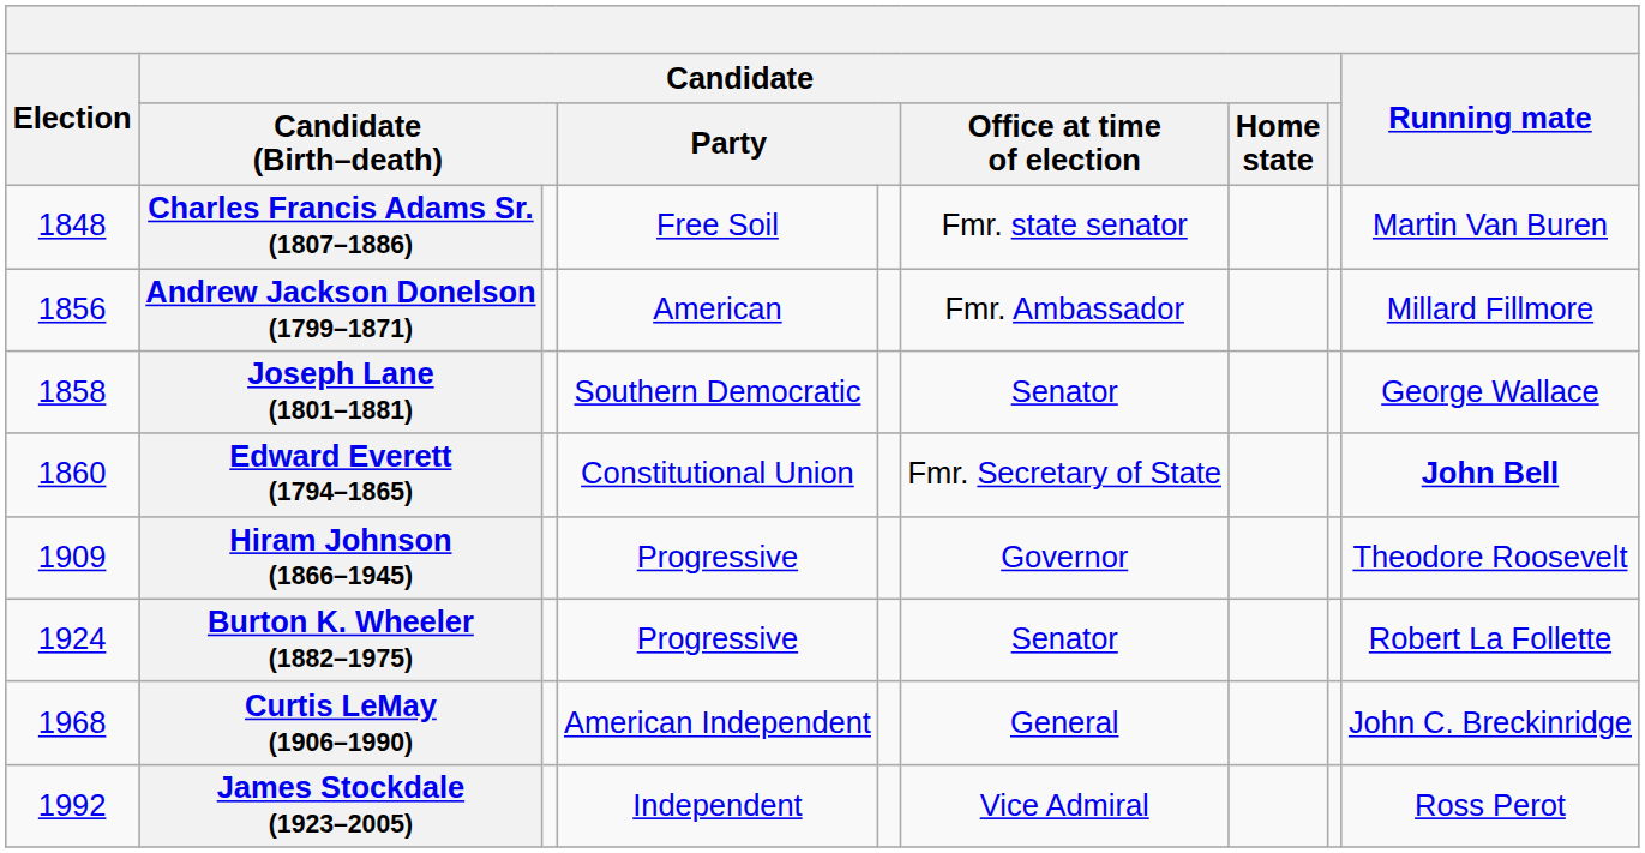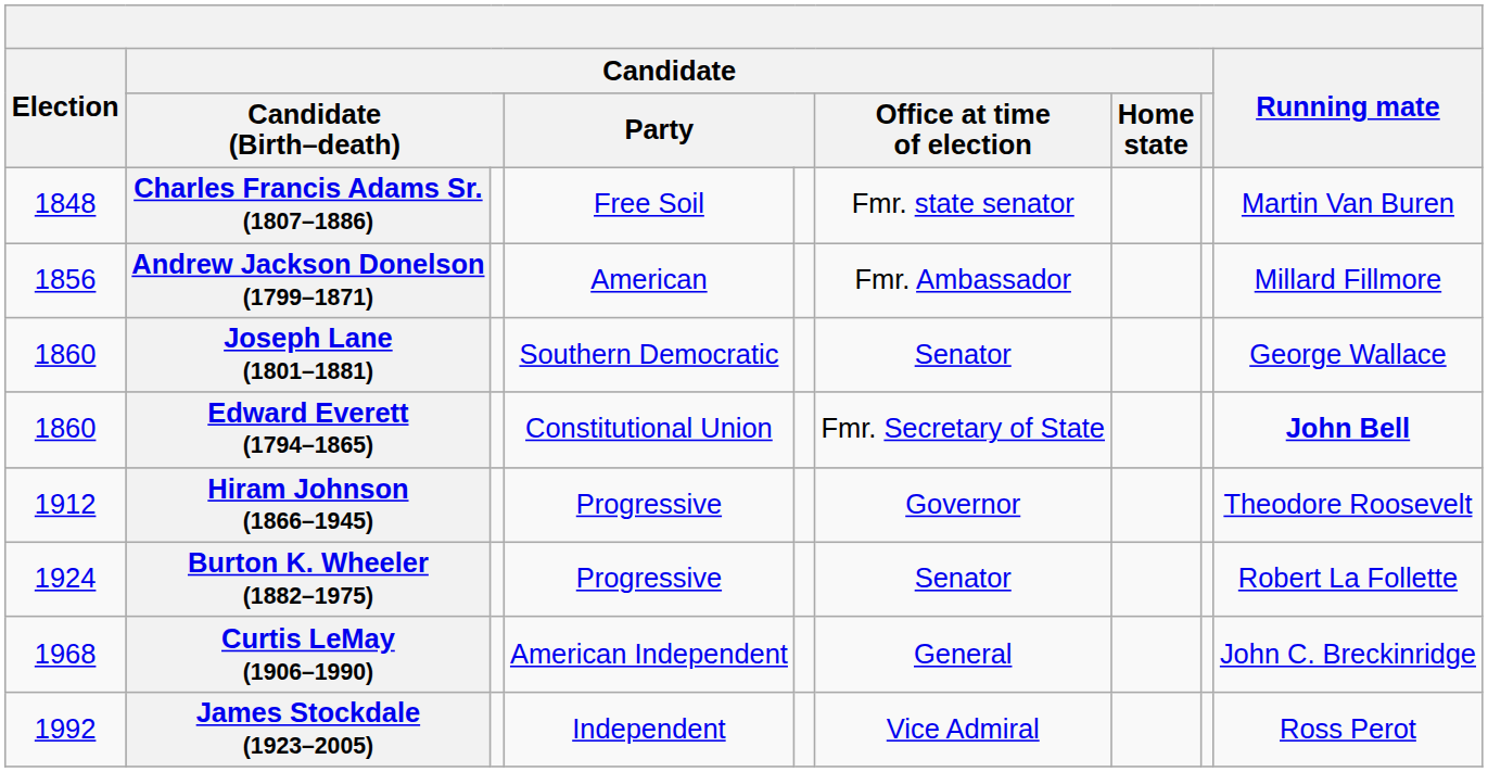 <table class="wikitable sortable" style="text-align:center;">
 <tr>
 <th colspan=10><br></th>
 </tr>
 <tr>
 <th rowspan=2>Election</th>
 <th colspan=7>Candidate</th>
 <th rowspan=2><a href='#'>Running mate</a></th>
 </tr>
 <tr>
 <th colspan=2>Candidate<br>(Birth–death)</th>
 <th colspan=2>Party</th>
 <th>Office at time<br>of election</th>
 <th>Home<br>state</th>
 <th data-sort-type="number"></th>
 </tr>
 <tr>
 <td><a href='#'>1848</a></td>
 <th><a href='#'>Charles Francis Adams Sr.</a><br><small>(1807–1886)</small></th>
 <td></td>
 <td><a href='#'>Free Soil</a></td>
 <td style="background-color:"> </td>
 <td data-sort-value="stateSenator">Fmr. <a href='#'>state senator</a></td>
 <td></td>
 <td></td>
 <td><a href='#'>Martin Van Buren</a></td>
 </tr>
 <tr>
 <td><a href='#'>1856</a></td>
 <th><a href='#'>Andrew Jackson Donelson</a><br><small>(1799–1871)</small></th>
 <td></td>
 <td data-sort-value= "fWhig"><a href='#'>American</a></td>
 <td style="background-color:"> </td>
 <td data-sort-value= "execzAmbassadorf">Fmr. <a href='#'>Ambassador</a></td>
 <td></td>
 <td></td>
 <td><a href='#'>Millard Fillmore</a></td>
 </tr>
 <tr>
-<td><a href='#'>1858</a></td>
+<td><a href='#'>1860</a></td>
 <th><a href='#'>Joseph Lane</a><br><small>(1801–1881)</small></th>
 <td></td>
 <td data-sort-value="sDem"><a href='#'>Southern Democratic</a></td>
 <td style="background-color:"> </td>
 <td data-sort-value= "legSenator"><a href='#'>Senator</a></td>
 <td></td>
 <td></td>
 <td><a href='#'>George Wallace</a></td>
 </tr>
 <tr>
 <td><a href='#'>1860</a></td>
 <th><a href='#'>Edward Everett</a><br><small>(1794–1865)</small></th>
 <td></td>
 <td data-sort-value= "fWhig"><a href='#'>Constitutional Union</a></td>
 <td style="background-color:"> </td>
 <td data-sort-value="execSec. of Statef">Fmr. <a href='#'>Secretary of State</a></td>
 <td></td>
 <td></td>
 <td><strong><a href='#'>John Bell</a></strong></td>
 </tr>
 <tr>
-<td><a href='#'>1909</a></td>
+<td><a href='#'>1912</a></td>
 <th><a href='#'>Hiram Johnson</a><br><small>(1866–1945)</small></th>
 <td></td>
 <td><a href='#'>Progressive</a></td>
 <td style="background-color:"> </td>
 <td data-sort-value= "stateGovernor"><a href='#'>Governor</a></td>
 <td></td>
 <td></td>
 <td><a href='#'>Theodore Roosevelt</a></td>
 </tr>
 <tr>
 <td><a href='#'>1924</a></td>
 <th><a href='#'>Burton K. Wheeler</a><br><small>(1882–1975)</small></th>
 <td></td>
 <td><a href='#'>Progressive</a></td>
 <td style="background-color:"> </td>
 <td data-sort-value= "legSenator"><a href='#'>Senator</a></td>
 <td></td>
 <td></td>
 <td><a href='#'>Robert La Follette</a></td>
 </tr>
 <tr>
 <td><a href='#'>1968</a></td>
 <th><a href='#'>Curtis LeMay</a><br><small>(1906–1990)</small></th>
 <td></td>
 <td data-sort-value="sDem"><a href='#'>American Independent</a></td>
 <td style="background-color:"> </td>
 <td data-sort-value= "milGeneral"><a href='#'>General</a></td>
 <td></td>
 <td></td>
 <td><a href='#'>John C. Breckinridge</a></td>
 </tr>
 <tr>
 <td><a href='#'>1992</a></td>
 <th><a href='#'>James Stockdale</a><br><small>(1923–2005)</small></th>
 <td></td>
 <td data-sort-value="z"><a href='#'>Independent</a></td>
 <td style="background-color:"> </td>
 <td data-sort-value= "milViceAdmiral"><a href='#'>Vice Admiral</a></td>
 <td></td>
 <td></td>
 <td><a href='#'>Ross Perot</a></td>
 </tr>
 </table>
